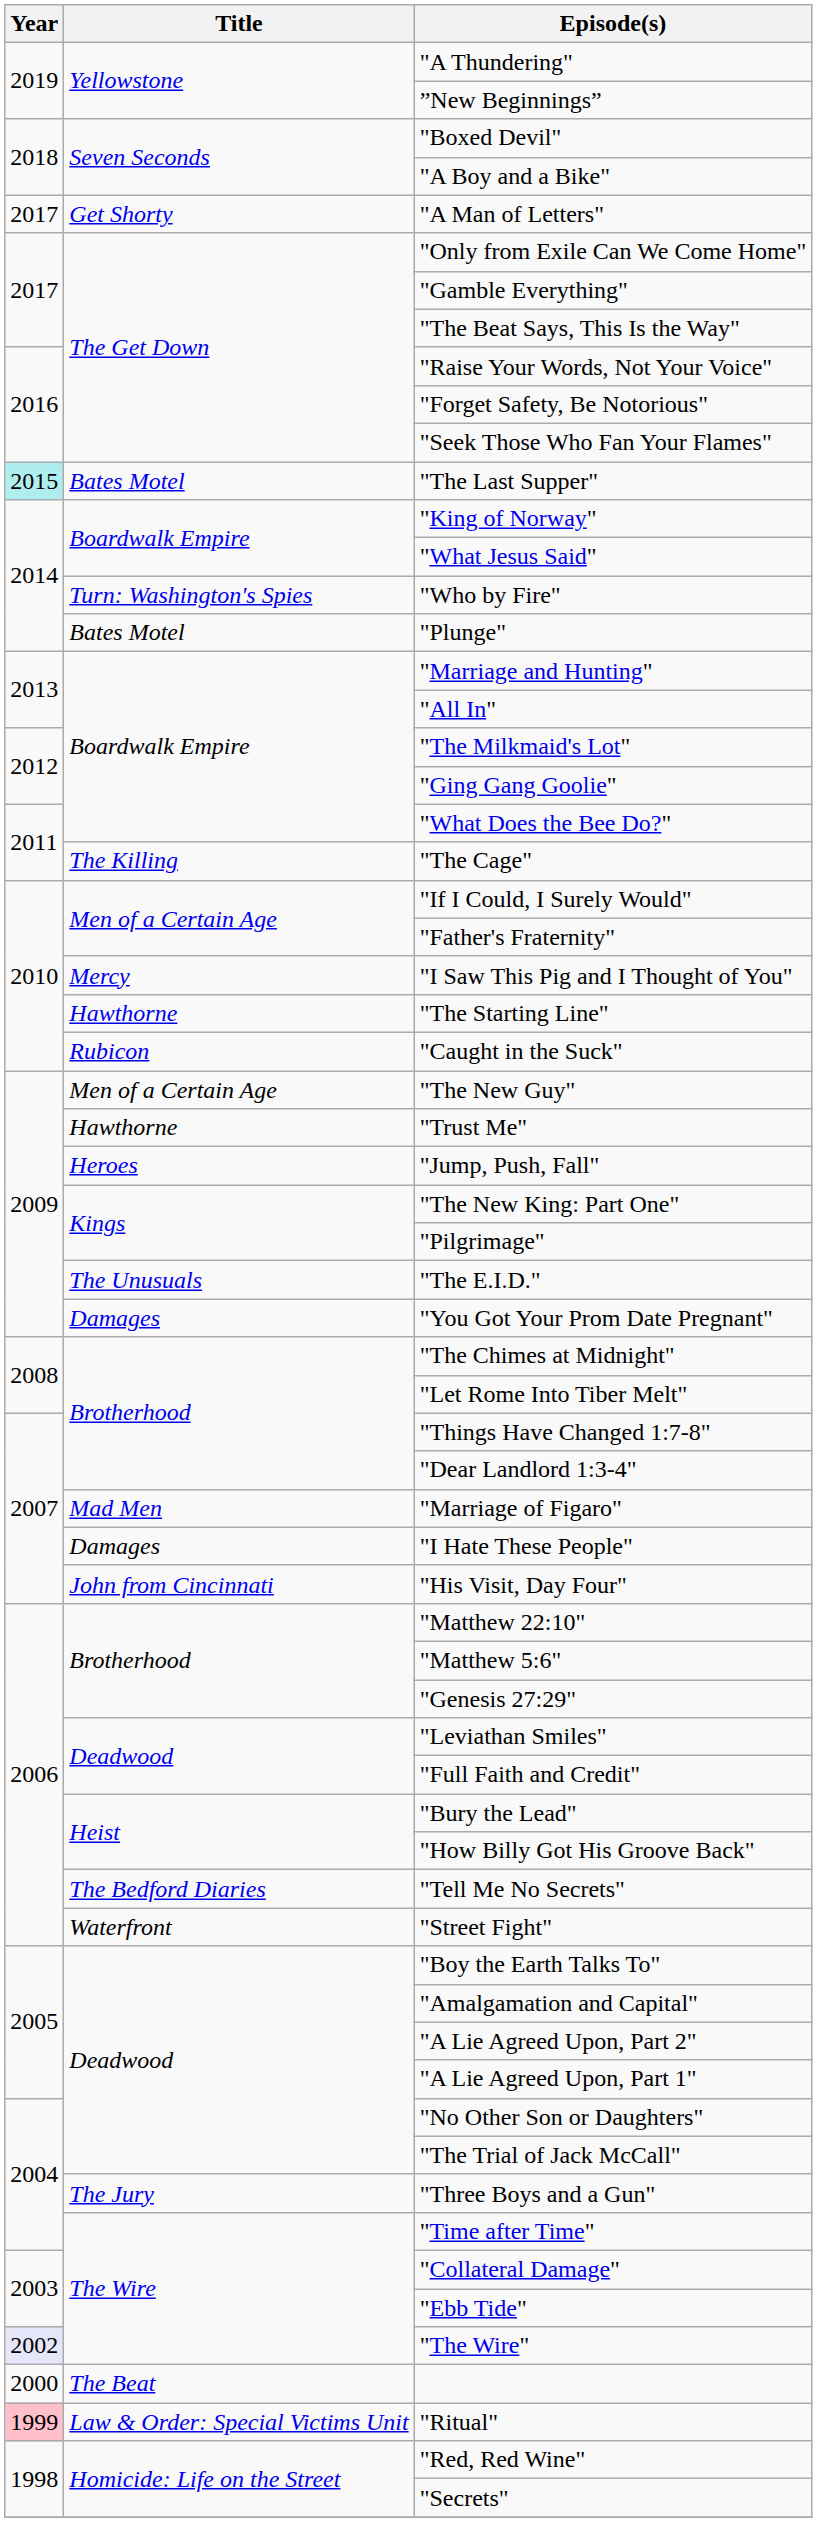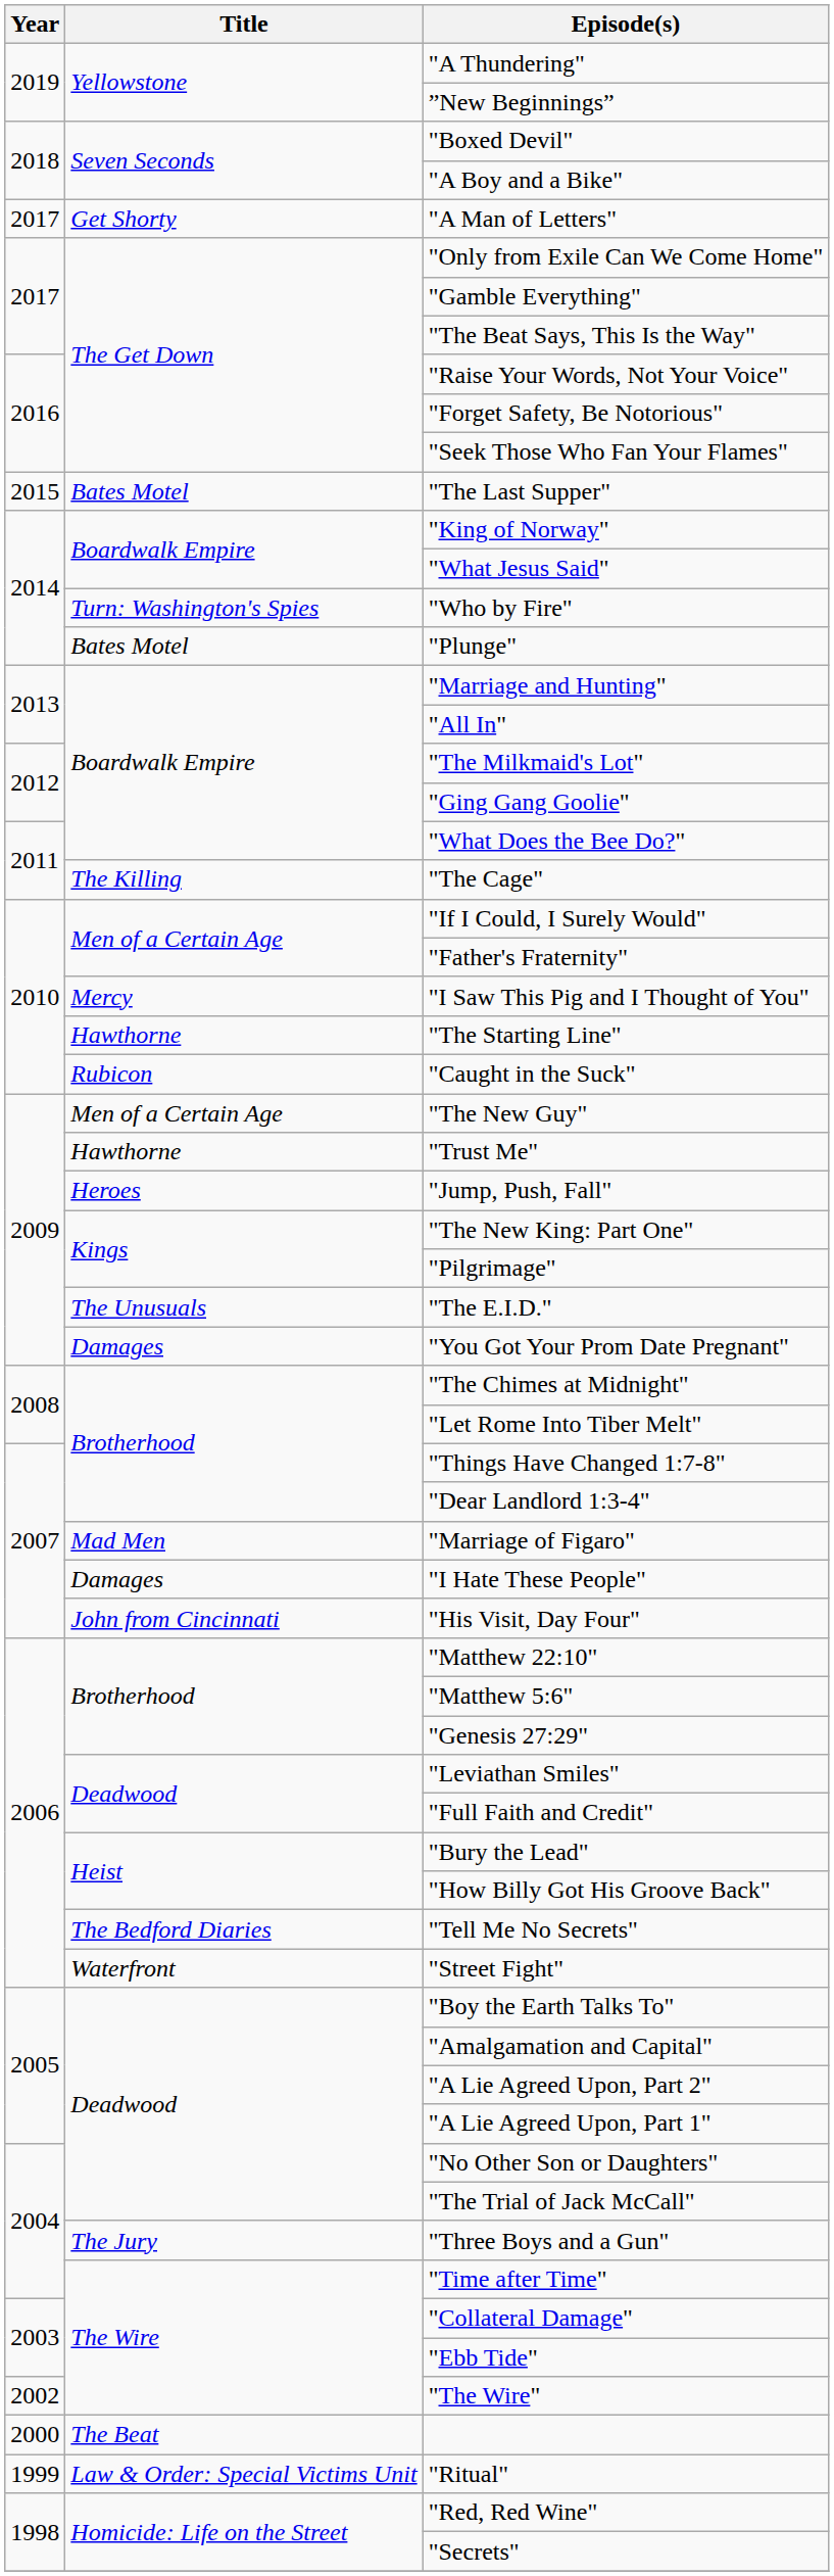 <table class="wikitable">
 <tr>
 <th>Year</th>
 <th>Title</th>
 <th>Episode(s)</th>
 </tr>
 <tr>
 <td rowspan=2>2019</td>
 <td rowspan=2><em><a href='#'>Yellowstone</a></em></td>
 <td>"A Thundering"</td>
 </tr>
 <tr>
 <td>”New Beginnings”</td>
 </tr>
 <tr>
 <td rowspan=2>2018</td>
 <td rowspan=2><em><a href='#'>Seven Seconds</a></em></td>
 <td>"Boxed Devil"</td>
 </tr>
 <tr>
 <td>"A Boy and a Bike"</td>
 </tr>
 <tr>
 <td>2017</td>
 <td><em><a href='#'>Get Shorty</a></em></td>
 <td>"A Man of Letters"</td>
 </tr>
 <tr>
 <td rowspan=3>2017</td>
 <td rowspan=6><em><a href='#'>The Get Down</a></em></td>
 <td>"Only from Exile Can We Come Home"</td>
 </tr>
 <tr>
 <td>"Gamble Everything"</td>
 </tr>
 <tr>
 <td>"The Beat Says, This Is the Way"</td>
 </tr>
 <tr>
 <td rowspan=3>2016</td>
 <td>"Raise Your Words, Not Your Voice"</td>
 </tr>
 <tr>
 <td>"Forget Safety, Be Notorious"</td>
 </tr>
 <tr>
 <td>"Seek Those Who Fan Your Flames"</td>
 </tr>
 <tr>
-<td style="background: paleturquoise;">2015</td>
+<td>2015</td>
 <td><em><a href='#'>Bates Motel</a></em></td>
 <td>"The Last Supper"</td>
 </tr>
 <tr>
 <td rowspan=4>2014</td>
 <td rowspan=2><em><a href='#'>Boardwalk Empire</a></em></td>
 <td>"<a href='#'>King of Norway</a>"</td>
 </tr>
 <tr>
 <td>"<a href='#'>What Jesus Said</a>"</td>
 </tr>
 <tr>
 <td><em><a href='#'>Turn: Washington's Spies</a></em></td>
 <td>"Who by Fire"</td>
 </tr>
 <tr>
 <td><em>Bates Motel</em></td>
 <td>"Plunge"</td>
 </tr>
 <tr>
 <td rowspan=2>2013</td>
 <td rowspan=5><em>Boardwalk Empire</em></td>
 <td>"<a href='#'>Marriage and Hunting</a>"</td>
 </tr>
 <tr>
 <td>"<a href='#'>All In</a>"</td>
 </tr>
 <tr>
 <td rowspan=2>2012</td>
 <td>"<a href='#'>The Milkmaid's Lot</a>"</td>
 </tr>
 <tr>
 <td>"<a href='#'>Ging Gang Goolie</a>"</td>
 </tr>
 <tr>
 <td rowspan=2>2011</td>
 <td>"<a href='#'>What Does the Bee Do?</a>"</td>
 </tr>
 <tr>
 <td><em><a href='#'>The Killing</a></em></td>
 <td>"The Cage"</td>
 </tr>
 <tr>
 <td rowspan=5>2010</td>
 <td rowspan=2><em><a href='#'>Men of a Certain Age</a></em></td>
 <td>"If I Could, I Surely Would"</td>
 </tr>
 <tr>
 <td>"Father's Fraternity"</td>
 </tr>
 <tr>
 <td><em><a href='#'>Mercy</a></em></td>
 <td>"I Saw This Pig and I Thought of You"</td>
 </tr>
 <tr>
 <td><em><a href='#'>Hawthorne</a></em></td>
 <td>"The Starting Line"</td>
 </tr>
 <tr>
 <td><em><a href='#'>Rubicon</a></em></td>
 <td>"Caught in the Suck"</td>
 </tr>
 <tr>
 <td rowspan=7>2009</td>
 <td><em>Men of a Certain Age</em></td>
 <td>"The New Guy"</td>
 </tr>
 <tr>
 <td><em>Hawthorne</em></td>
 <td>"Trust Me"</td>
 </tr>
 <tr>
 <td><em><a href='#'>Heroes</a></em></td>
 <td>"Jump, Push, Fall"</td>
 </tr>
 <tr>
 <td rowspan=2><em><a href='#'>Kings</a></em></td>
 <td>"The New King: Part One"</td>
 </tr>
 <tr>
 <td>"Pilgrimage"</td>
 </tr>
 <tr>
 <td><em><a href='#'>The Unusuals</a></em></td>
 <td>"The E.I.D."</td>
 </tr>
 <tr>
 <td><em><a href='#'>Damages</a></em></td>
 <td>"You Got Your Prom Date Pregnant"</td>
 </tr>
 <tr>
 <td rowspan=2>2008</td>
 <td rowspan=4><em><a href='#'>Brotherhood</a></em></td>
 <td>"The Chimes at Midnight"</td>
 </tr>
 <tr>
 <td>"Let Rome Into Tiber Melt"</td>
 </tr>
 <tr>
 <td rowspan=5>2007</td>
 <td>"Things Have Changed 1:7-8"</td>
 </tr>
 <tr>
 <td>"Dear Landlord 1:3-4"</td>
 </tr>
 <tr>
 <td><em><a href='#'>Mad Men</a></em></td>
 <td>"Marriage of Figaro"</td>
 </tr>
 <tr>
 <td><em>Damages</em></td>
 <td>"I Hate These People"</td>
 </tr>
 <tr>
 <td><em><a href='#'>John from Cincinnati</a></em></td>
 <td>"His Visit, Day Four"</td>
 </tr>
 <tr>
 <td rowspan=9>2006</td>
 <td rowspan=3><em>Brotherhood</em></td>
 <td>"Matthew 22:10"</td>
 </tr>
 <tr>
 <td>"Matthew 5:6"</td>
 </tr>
 <tr>
 <td>"Genesis 27:29"</td>
 </tr>
 <tr>
 <td rowspan=2><em><a href='#'>Deadwood</a></em></td>
 <td>"Leviathan Smiles"</td>
 </tr>
 <tr>
 <td>"Full Faith and Credit"</td>
 </tr>
 <tr>
 <td rowspan=2><em><a href='#'>Heist</a></em></td>
 <td>"Bury the Lead"</td>
 </tr>
 <tr>
 <td>"How Billy Got His Groove Back"</td>
 </tr>
 <tr>
 <td><em><a href='#'>The Bedford Diaries</a></em></td>
 <td>"Tell Me No Secrets"</td>
 </tr>
 <tr>
 <td><em>Waterfront</em></td>
 <td>"Street Fight"</td>
 </tr>
 <tr>
 <td rowspan=4>2005</td>
 <td rowspan=6><em>Deadwood</em></td>
 <td>"Boy the Earth Talks To"</td>
 </tr>
 <tr>
 <td>"Amalgamation and Capital"</td>
 </tr>
 <tr>
 <td>"A Lie Agreed Upon, Part 2"</td>
 </tr>
 <tr>
 <td>"A Lie Agreed Upon, Part 1"</td>
 </tr>
 <tr>
 <td rowspan=4>2004</td>
 <td>"No Other Son or Daughters"</td>
 </tr>
 <tr>
 <td>"The Trial of Jack McCall"</td>
 </tr>
 <tr>
 <td><em><a href='#'>The Jury</a></em></td>
 <td>"Three Boys and a Gun"</td>
 </tr>
 <tr>
 <td rowspan=4><em><a href='#'>The Wire</a></em></td>
 <td>"<a href='#'>Time after Time</a>"</td>
 </tr>
 <tr>
 <td rowspan=2>2003</td>
 <td>"<a href='#'>Collateral Damage</a>"</td>
 </tr>
 <tr>
 <td>"<a href='#'>Ebb Tide</a>"</td>
 </tr>
 <tr>
-<td style="background: lavender;">2002</td>
+<td>2002</td>
 <td>"<a href='#'>The Wire</a>"</td>
 </tr>
 <tr>
 <td>2000</td>
 <td><em><a href='#'>The Beat</a></em></td>
 <td></td>
 </tr>
 <tr>
-<td style="background: pink;">1999</td>
+<td>1999</td>
 <td><em><a href='#'>Law & Order: Special Victims Unit</a></em></td>
 <td>"Ritual"</td>
 </tr>
 <tr>
 <td rowspan=2>1998</td>
 <td rowspan=2><em><a href='#'>Homicide: Life on the Street</a></em></td>
 <td>"Red, Red Wine"</td>
 </tr>
 <tr>
 <td>"Secrets"</td>
 </tr>
 <tr>
 </tr>
 </table>
